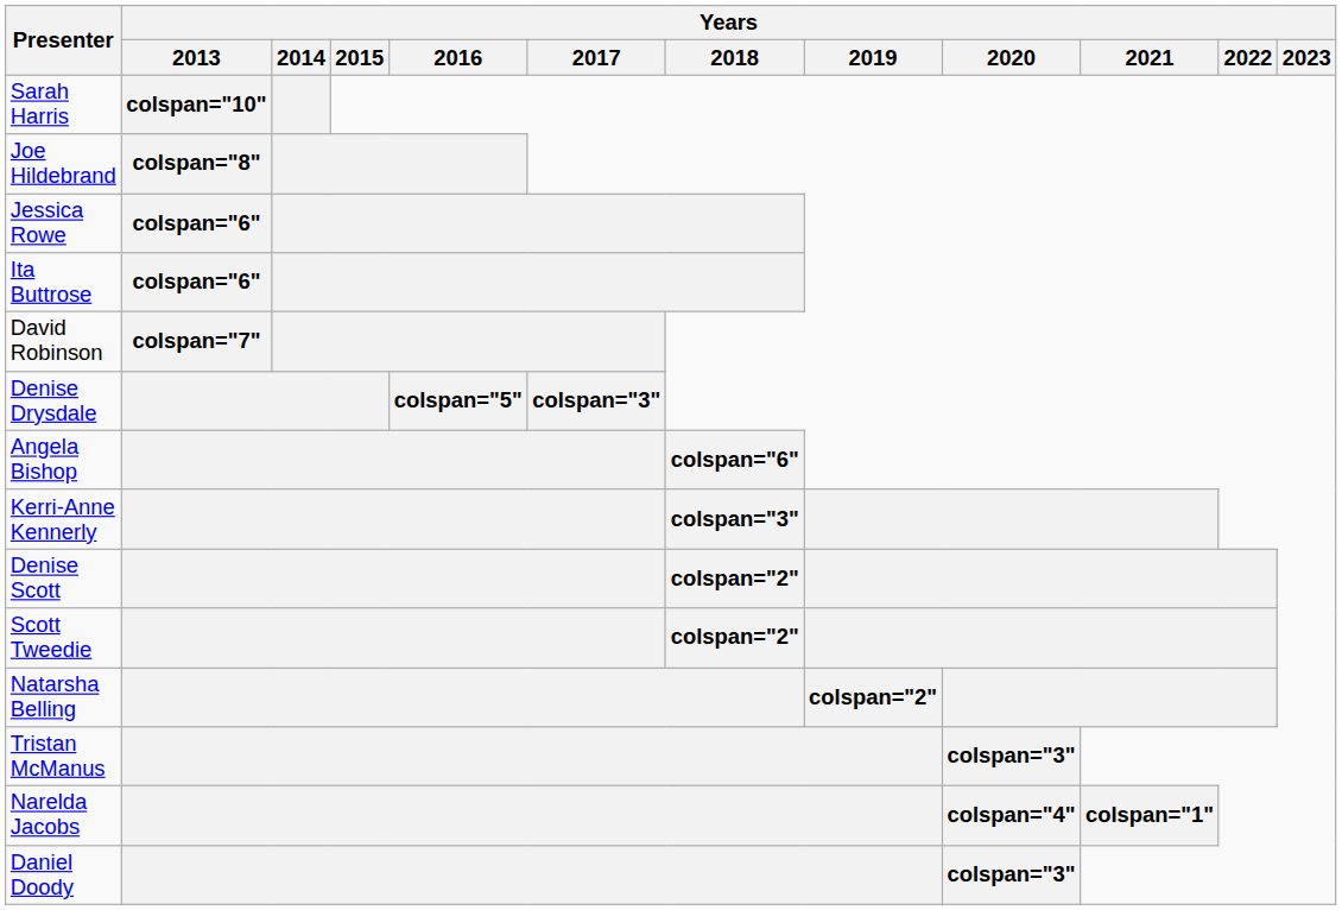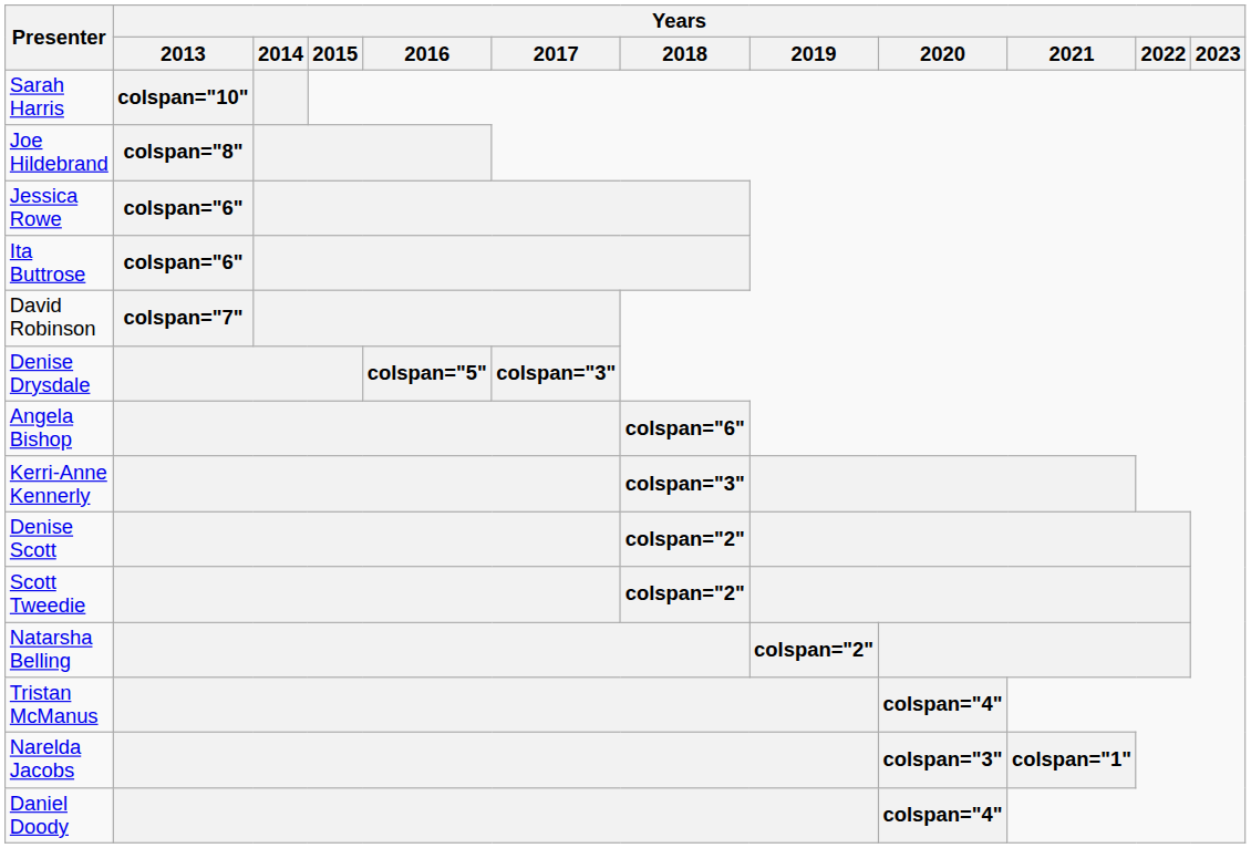 <table class="wikitable">
 <tr>
 <th rowspan="2">Presenter</th>
 <th colspan="11">Years</th>
 </tr>
 <tr>
 <th>2013</th>
 <th>2014</th>
 <th>2015</th>
 <th>2016</th>
 <th>2017</th>
 <th>2018</th>
 <th>2019</th>
 <th>2020</th>
 <th>2021</th>
 <th>2022</th>
 <th>2023</th>
 </tr>
 <tr>
 <td><a href='#'>Sarah Harris</a></td>
 <th>colspan="10" </th>
 <th></th>
 </tr>
 <tr>
 <td><a href='#'>Joe Hildebrand</a></td>
 <th>colspan="8" </th>
 <th colspan="3"></th>
 </tr>
 <tr>
 <td><a href='#'>Jessica Rowe</a></td>
 <th>colspan="6" </th>
 <th colspan="5"></th>
 </tr>
 <tr>
 <td><a href='#'>Ita Buttrose</a></td>
 <th>colspan="6" </th>
 <th colspan="5"></th>
 </tr>
 <tr>
 <td>David Robinson</td>
 <th>colspan="7" </th>
 <th colspan="4"></th>
 </tr>
 <tr>
 <td><a href='#'>Denise Drysdale</a></td>
 <th colspan="3"></th>
 <th>colspan="5" </th>
 <th>colspan="3" </th>
 </tr>
 <tr>
 <td><a href='#'>Angela Bishop</a></td>
 <th colspan="5"></th>
 <th>colspan="6" </th>
 </tr>
 <tr>
 <td><a href='#'>Kerri-Anne Kennerly</a></td>
 <th colspan="5"></th>
 <th>colspan="3" </th>
 <th colspan="3"></th>
 </tr>
 <tr>
 <td><a href='#'>Denise Scott</a></td>
 <th colspan="5"></th>
 <th>colspan="2" </th>
 <th colspan="4"></th>
 </tr>
 <tr>
 <td><a href='#'>Scott Tweedie</a></td>
 <th colspan="5"></th>
 <th>colspan="2" </th>
 <th colspan="4"></th>
 </tr>
 <tr>
 <td><a href='#'>Natarsha Belling</a></td>
 <th colspan="6"></th>
 <th>colspan="2" </th>
 <th colspan="3"></th>
 </tr>
 <tr>
 <td><a href='#'>Tristan McManus</a></td>
 <th colspan="7"></th>
-<th>colspan="3" </th>
+<th>colspan="4" </th>
 </tr>
 <tr>
 <td><a href='#'>Narelda Jacobs</a></td>
 <th colspan="7"></th>
-<th>colspan="4" </th>
+<th>colspan="3" </th>
 <th>colspan="1" </th>
 </tr>
 <tr>
 <td><a href='#'>Daniel Doody</a></td>
 <th colspan="7"></th>
-<th>colspan="3" </th>
+<th>colspan="4" </th>
 </tr>
 </table>
